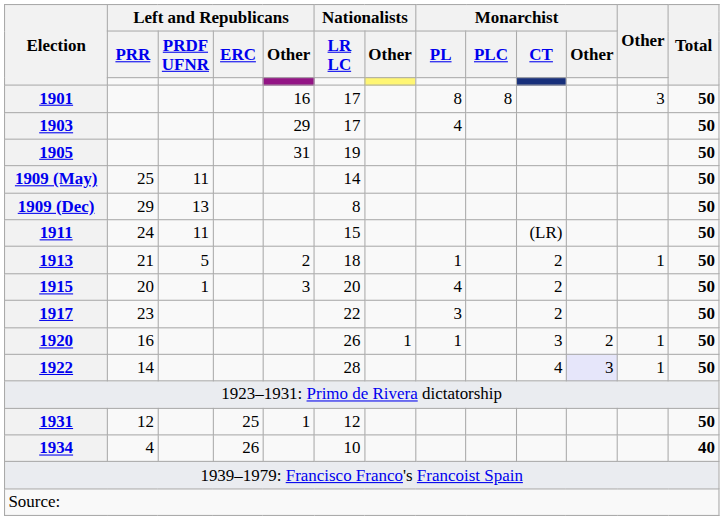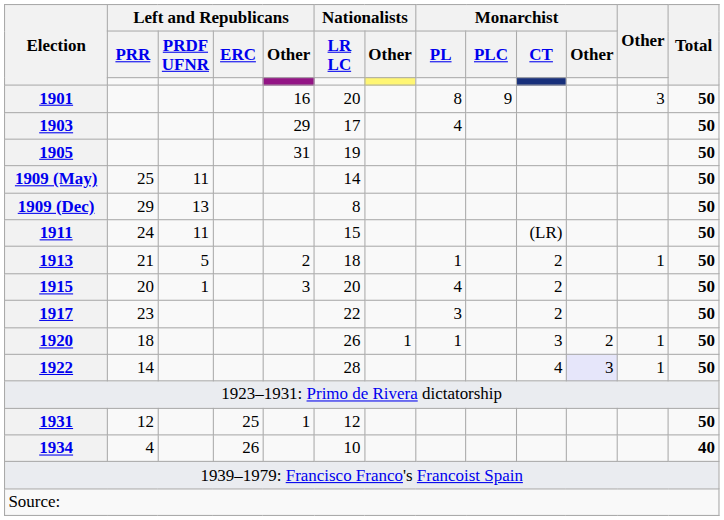 <table class="wikitable" style="text-align: right">
 <tr>
 <th width=90 rowspan="3">Election</th>
 <th colspan="4">Left and Republicans</th>
 <th colspan="2">Nationalists</th>
 <th colspan="4">Monarchist</th>
 <th width=40 rowspan="2">Other</th>
 <th width=40 rowspan="3" style="font-weight: bold;">Total</th>
 </tr>
 <tr>
 <th width=40><a href='#'>PRR</a></th>
 <th width=40><a href='#'>PRDF</a><br><a href='#'>UFNR</a></th>
 <th width=40><a href='#'>ERC</a></th>
 <th width=40>Other</th>
 <th width=40><a href='#'>LR</a><br><a href='#'>LC</a></th>
 <th width=40>Other</th>
 <th width=40><a href='#'>PL</a></th>
 <th width=40><a href='#'>PLC</a></th>
 <th width=40><a href='#'>CT</a></th>
 <th width=40>Other</th>
 </tr>
 <tr>
 <td style="color:inherit;background:"></td>
 <td style="color:inherit;background:"></td>
 <td style="color:inherit;background:"></td>
 <td style="color:inherit;background:#931585"></td>
 <td style="color:inherit;background:"></td>
 <td style="color:inherit;background:#FFF673"></td>
 <td style="color:inherit;background:"></td>
 <td style="color:inherit;background:"></td>
 <td style="color:inherit;background:#18307B"></td>
 <td style="color:inherit;background:"></td>
 <td style="color:inherit;background:"></td>
 </tr>
 <tr>
 <th><a href='#'>1901</a></th>
 <td></td>
 <td></td>
 <td></td>
 <td>16</td>
-<td>17</td>
+<td>20</td>
 <td></td>
 <td>8</td>
-<td>8</td>
+<td>9</td>
 <td></td>
 <td></td>
 <td>3</td>
 <td style="font-weight: bold;">50</td>
 </tr>
 <tr>
 <th><a href='#'>1903</a></th>
 <td></td>
 <td></td>
 <td></td>
 <td>29</td>
 <td>17</td>
 <td></td>
 <td>4</td>
 <td></td>
 <td></td>
 <td></td>
 <td></td>
 <td style="font-weight: bold;">50</td>
 </tr>
 <tr>
 <th><a href='#'>1905</a></th>
 <td></td>
 <td></td>
 <td></td>
 <td>31</td>
 <td>19</td>
 <td></td>
 <td></td>
 <td></td>
 <td></td>
 <td></td>
 <td></td>
 <td style="font-weight: bold;">50</td>
 </tr>
 <tr>
 <th><a href='#'>1909 (May)</a></th>
 <td>25</td>
 <td>11</td>
 <td></td>
 <td></td>
 <td>14</td>
 <td></td>
 <td></td>
 <td></td>
 <td></td>
 <td></td>
 <td></td>
 <td style="font-weight: bold;">50</td>
 </tr>
 <tr>
 <th><a href='#'>1909 (Dec)</a></th>
 <td>29</td>
 <td>13</td>
 <td></td>
 <td></td>
 <td>8</td>
 <td></td>
 <td></td>
 <td></td>
 <td></td>
 <td></td>
 <td></td>
 <td style="font-weight: bold;">50</td>
 </tr>
 <tr>
 <th><a href='#'>1911</a></th>
 <td>24</td>
 <td>11</td>
 <td></td>
 <td></td>
 <td>15</td>
 <td></td>
 <td></td>
 <td></td>
 <td>(LR)</td>
 <td></td>
 <td></td>
 <td style="font-weight: bold;">50</td>
 </tr>
 <tr>
 <th><a href='#'>1913</a></th>
 <td>21</td>
 <td>5</td>
 <td></td>
 <td>2</td>
 <td>18</td>
 <td></td>
 <td>1</td>
 <td></td>
 <td>2</td>
 <td></td>
 <td>1</td>
 <td style="font-weight: bold;">50</td>
 </tr>
 <tr>
 <th><a href='#'>1915</a></th>
 <td>20</td>
 <td>1</td>
 <td></td>
 <td>3</td>
 <td>20</td>
 <td></td>
 <td>4</td>
 <td></td>
 <td>2</td>
 <td></td>
 <td></td>
 <td style="font-weight: bold;">50</td>
 </tr>
 <tr>
 <th><a href='#'>1917</a></th>
 <td>23</td>
 <td></td>
 <td></td>
 <td></td>
 <td>22</td>
 <td></td>
 <td>3</td>
 <td></td>
 <td>2</td>
 <td></td>
 <td></td>
 <td style="font-weight: bold;">50</td>
 </tr>
 <tr>
 <th><a href='#'>1920</a></th>
-<td>16</td>
+<td>18</td>
 <td></td>
 <td></td>
 <td></td>
 <td>26</td>
 <td>1</td>
 <td>1</td>
 <td></td>
 <td>3</td>
 <td>2</td>
 <td>1</td>
 <td style="font-weight: bold;">50</td>
 </tr>
 <tr>
 <th><a href='#'>1922</a></th>
 <td>14</td>
 <td></td>
 <td></td>
 <td></td>
 <td>28</td>
 <td></td>
 <td></td>
 <td></td>
 <td>4</td>
 <td style="background: lavender;">3</td>
 <td>1</td>
 <td style="font-weight: bold;">50</td>
 </tr>
 <tr>
 <td colspan=13 style='text-align:center;' bgcolor='#eaecf0'>1923–1931: <a href='#'>Primo de Rivera</a> dictatorship</td>
 </tr>
 <tr>
 <th><a href='#'>1931</a></th>
 <td>12</td>
 <td></td>
 <td>25</td>
 <td>1</td>
 <td>12</td>
 <td></td>
 <td></td>
 <td></td>
 <td></td>
 <td></td>
 <td></td>
 <td style="font-weight: bold;">50</td>
 </tr>
 <tr>
 <th><a href='#'>1934</a></th>
 <td>4</td>
 <td></td>
 <td>26</td>
 <td></td>
 <td>10</td>
 <td></td>
 <td></td>
 <td></td>
 <td></td>
 <td></td>
 <td></td>
 <td style="font-weight: bold;">40</td>
 </tr>
 <tr>
 <td colspan=13 style='text-align:center;' bgcolor='#eaecf0'>1939–1979: <a href='#'>Francisco Franco</a>'s <a href='#'>Francoist Spain</a></td>
 </tr>
 <tr>
 <td colspan=13 style='text-align:left;'>Source:</td>
 </tr>
 </table>
